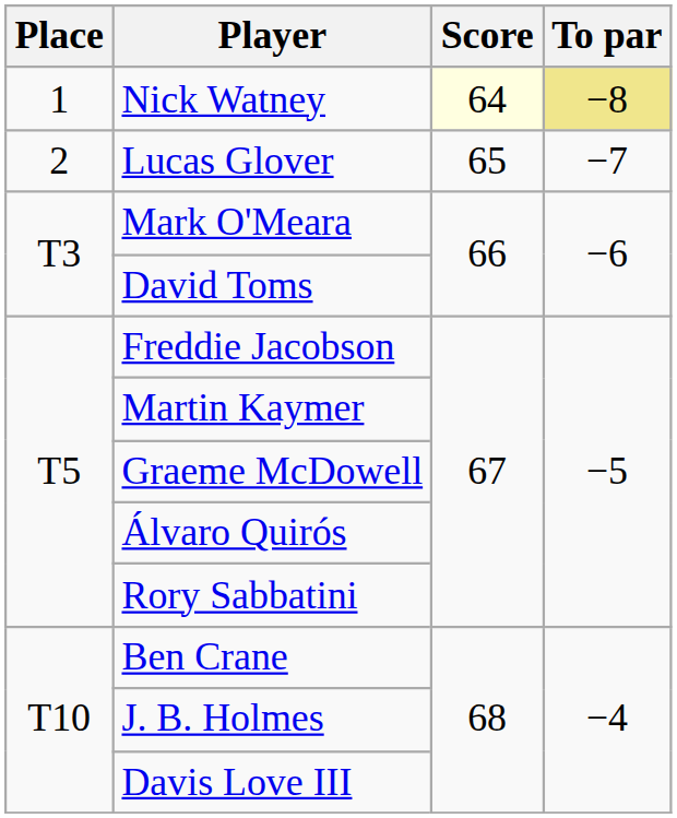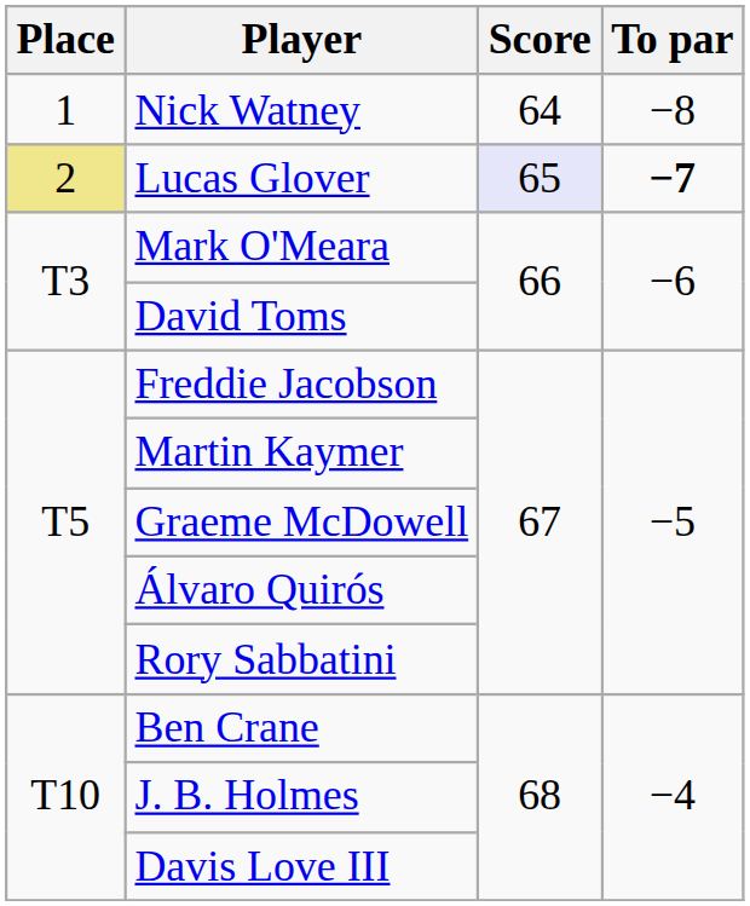 <table class="wikitable">
 <tr>
 <th>Place</th>
 <th>Player</th>
 <th>Score</th>
 <th>To par</th>
 </tr>
 <tr>
 <td align=center>1</td>
 <td> <a href='#'>Nick Watney</a></td>
-<td align=center style="background: lightyellow;">64</td>
-<td align=center style="background: khaki;">−8</td>
+<td align=center>64</td>
+<td align=center>−8</td>
 </tr>
 <tr>
-<td align=center>2</td>
+<td align=center style="background: khaki;">2</td>
 <td> <a href='#'>Lucas Glover</a></td>
-<td align=center>65</td>
-<td align=center>−7</td>
+<td align=center style="background: lavender;">65</td>
+<td align=center><strong>−7</strong></td>
 </tr>
 <tr>
 <td align=center rowspan="2">T3</td>
 <td> <a href='#'>Mark O'Meara</a></td>
 <td rowspan="2" align=center>66</td>
 <td rowspan="2" align=center>−6</td>
 </tr>
 <tr>
 <td> <a href='#'>David Toms</a></td>
 </tr>
 <tr>
 <td align=center rowspan="5">T5</td>
 <td> <a href='#'>Freddie Jacobson</a></td>
 <td rowspan="5" align=center>67</td>
 <td rowspan="5" align=center>−5</td>
 </tr>
 <tr>
 <td> <a href='#'>Martin Kaymer</a></td>
 </tr>
 <tr>
 <td> <a href='#'>Graeme McDowell</a></td>
 </tr>
 <tr>
 <td> <a href='#'>Álvaro Quirós</a></td>
 </tr>
 <tr>
 <td> <a href='#'>Rory Sabbatini</a></td>
 </tr>
 <tr>
 <td align=center rowspan="3">T10</td>
 <td> <a href='#'>Ben Crane</a></td>
 <td rowspan="3" align=center>68</td>
 <td rowspan="3" align=center>−4</td>
 </tr>
 <tr>
 <td> <a href='#'>J. B. Holmes</a></td>
 </tr>
 <tr>
 <td> <a href='#'>Davis Love III</a></td>
 </tr>
 </table>
